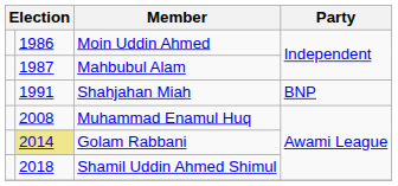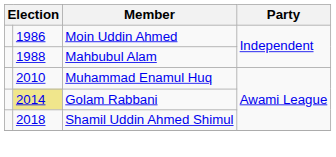 <table class="wikitable">
 <tr>
 <th colspan="2">Election</th>
 <th>Member</th>
 <th>Party</th>
 </tr>
 <tr>
 <td style="background-color:"></td>
 <td><a href='#'>1986</a></td>
 <td><a href='#'>Moin Uddin Ahmed</a></td>
 <td rowspan="2"><a href='#'>Independent</a></td>
 </tr>
 <tr>
 <td style="background-color:"></td>
-<td><a href='#'>1987</a></td>
+<td><a href='#'>1988</a></td>
 <td><a href='#'>Mahbubul Alam</a></td>
 </tr>
 <tr>
 <td style="background-color:"></td>
-<td><a href='#'>1991</a></td>
-<td><a href='#'>Shahjahan Miah</a></td>
-<td><a href='#'>BNP</a></td>
-</tr>
-<tr>
-<td style="background-color:"></td>
-<td><a href='#'>2008</a></td>
+<td><a href='#'>2010</a></td>
 <td><a href='#'>Muhammad Enamul Huq</a></td>
 <td rowspan="3"><a href='#'>Awami League</a></td>
 </tr>
 <tr>
 <td style="background-color:"></td>
 <td style="background: khaki;"><a href='#'>2014</a></td>
 <td><a href='#'>Golam Rabbani</a></td>
 </tr>
 <tr>
 <td style="background-color:"></td>
 <td><a href='#'>2018</a></td>
 <td><a href='#'>Shamil Uddin Ahmed Shimul</a></td>
 </tr>
 <tr>
 </tr>
 </table>
